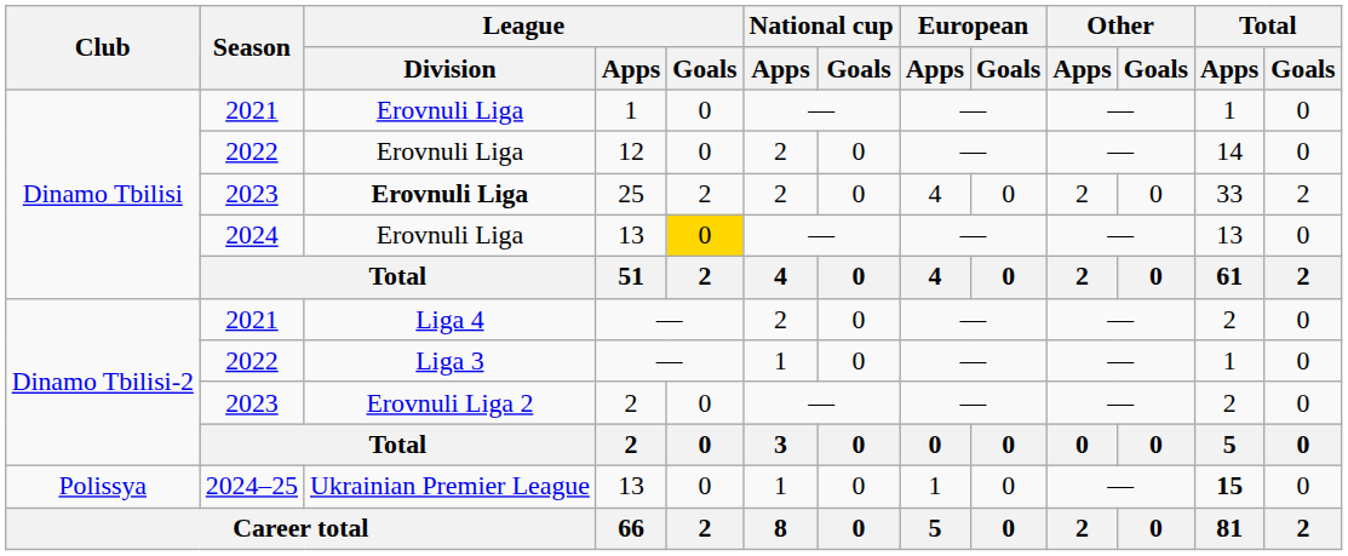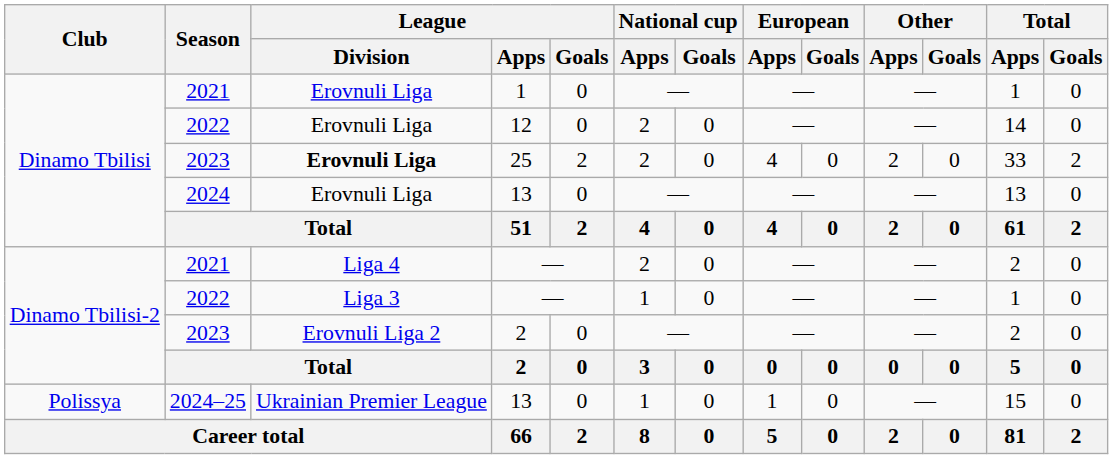 <table class="wikitable" style="text-align:center">
 <tr>
 <th rowspan="2">Club</th>
 <th rowspan="2">Season</th>
 <th colspan="3">League</th>
 <th colspan="2">National cup</th>
 <th colspan="2">European</th>
 <th colspan="2">Other</th>
 <th colspan="2">Total</th>
 </tr>
 <tr>
 <th>Division</th>
 <th>Apps</th>
 <th>Goals</th>
 <th>Apps</th>
 <th>Goals</th>
 <th>Apps</th>
 <th>Goals</th>
 <th>Apps</th>
 <th>Goals</th>
 <th>Apps</th>
 <th>Goals</th>
 </tr>
 <tr>
 <td rowspan="5"><a href='#'>Dinamo Tbilisi</a></td>
 <td><a href='#'>2021</a></td>
 <td><a href='#'>Erovnuli Liga</a></td>
 <td>1</td>
 <td>0</td>
 <td colspan="2">—</td>
 <td colspan="2">—</td>
 <td colspan="2">—</td>
 <td>1</td>
 <td>0</td>
 </tr>
 <tr>
 <td><a href='#'>2022</a></td>
 <td>Erovnuli Liga</td>
 <td>12</td>
 <td>0</td>
 <td>2</td>
 <td>0</td>
 <td colspan="2">—</td>
 <td colspan="2">—</td>
 <td>14</td>
 <td>0</td>
 </tr>
 <tr>
 <td><a href='#'>2023</a></td>
 <td><strong>Erovnuli Liga</strong></td>
 <td>25</td>
 <td>2</td>
 <td>2</td>
 <td>0</td>
 <td>4</td>
 <td>0</td>
 <td>2</td>
 <td>0</td>
 <td>33</td>
 <td>2</td>
 </tr>
 <tr>
 <td><a href='#'>2024</a></td>
 <td>Erovnuli Liga</td>
 <td>13</td>
-<td style="background: gold;">0</td>
+<td>0</td>
 <td colspan="2">—</td>
 <td colspan="2">—</td>
 <td colspan="2">—</td>
 <td>13</td>
 <td>0</td>
 </tr>
 <tr>
 <th colspan="2">Total</th>
 <th>51</th>
 <th>2</th>
 <th>4</th>
 <th>0</th>
 <th>4</th>
 <th>0</th>
 <th>2</th>
 <th>0</th>
 <th>61</th>
 <th>2</th>
 </tr>
 <tr>
 <td rowspan="4"><a href='#'>Dinamo Tbilisi-2</a></td>
 <td><a href='#'>2021</a></td>
 <td><a href='#'>Liga 4</a></td>
 <td colspan="2">—</td>
 <td>2</td>
 <td>0</td>
 <td colspan="2">—</td>
 <td colspan="2">—</td>
 <td>2</td>
 <td>0</td>
 </tr>
 <tr>
 <td><a href='#'>2022</a></td>
 <td><a href='#'>Liga 3</a></td>
 <td colspan="2">—</td>
 <td>1</td>
 <td>0</td>
 <td colspan="2">—</td>
 <td colspan="2">—</td>
 <td>1</td>
 <td>0</td>
 </tr>
 <tr>
 <td><a href='#'>2023</a></td>
 <td><a href='#'>Erovnuli Liga 2</a></td>
 <td>2</td>
 <td>0</td>
 <td colspan="2">—</td>
 <td colspan="2">—</td>
 <td colspan="2">—</td>
 <td>2</td>
 <td>0</td>
 </tr>
 <tr>
 <th colspan="2">Total</th>
 <th>2</th>
 <th>0</th>
 <th>3</th>
 <th>0</th>
 <th>0</th>
 <th>0</th>
 <th>0</th>
 <th>0</th>
 <th>5</th>
 <th>0</th>
 </tr>
 <tr>
 <td><a href='#'>Polissya</a></td>
 <td><a href='#'>2024–25</a></td>
 <td><a href='#'>Ukrainian Premier League</a></td>
 <td>13</td>
 <td>0</td>
 <td>1</td>
 <td>0</td>
 <td>1</td>
 <td>0</td>
 <td colspan="2">—</td>
-<td><strong>15</strong></td>
+<td>15</td>
 <td>0</td>
 </tr>
 <tr>
 <th colspan="3">Career total</th>
 <th>66</th>
 <th>2</th>
 <th>8</th>
 <th>0</th>
 <th>5</th>
 <th>0</th>
 <th>2</th>
 <th>0</th>
 <th>81</th>
 <th>2</th>
 </tr>
 </table>
